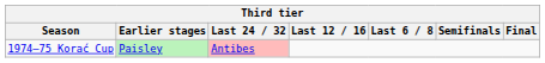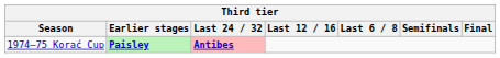 <table class="wikitable" style="font-size:90%">
 <tr>
 <th colspan=7>Third tier</th>
 </tr>
 <tr>
 <th>Season</th>
 <th>Earlier stages</th>
 <th>Last 24 / 32</th>
 <th>Last 12 / 16</th>
 <th>Last 6 / 8</th>
 <th>Semifinals</th>
 <th>Final</th>
 </tr>
 <tr>
 <td><a href='#'>1974–75 Korać Cup</a></td>
-<td bgcolor=#BBF3BB> <a href='#'>Paisley</a></td>
-<td bgcolor=#FFBBBB> <a href='#'>Antibes</a></td>
+<td bgcolor=#BBF3BB><strong> <a href='#'>Paisley</a></strong></td>
+<td bgcolor=#FFBBBB><strong> <a href='#'>Antibes</a></strong></td>
 </tr>
 </table>
